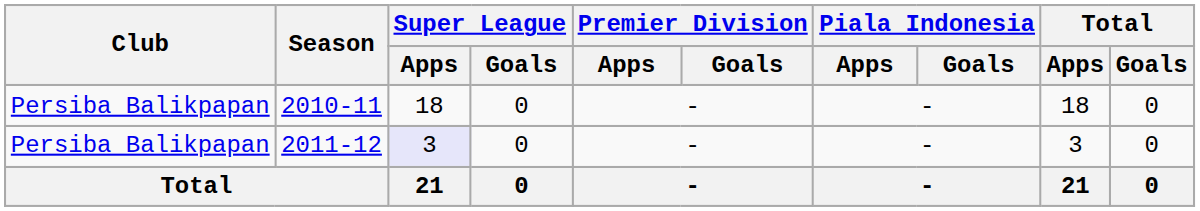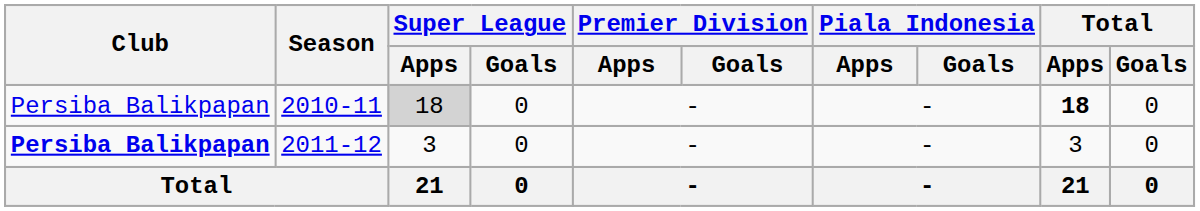 <table class="wikitable" style="font-size:90%; text-align:center;">
 <tr>
 <th rowspan="2">Club</th>
 <th rowspan="2">Season</th>
 <th colspan="2"><a href='#'>Super League</a></th>
 <th colspan="2"><a href='#'>Premier Division</a></th>
 <th colspan="2"><a href='#'>Piala Indonesia</a></th>
 <th colspan="2">Total</th>
 </tr>
 <tr>
 <th>Apps</th>
 <th>Goals</th>
 <th>Apps</th>
 <th>Goals</th>
 <th>Apps</th>
 <th>Goals</th>
 <th>Apps</th>
 <th>Goals</th>
 </tr>
 <tr>
 <td rowspan="1"><a href='#'>Persiba Balikpapan</a></td>
 <td><a href='#'>2010-11</a></td>
-<td>18</td>
+<td style="background: lightgrey;">18</td>
 <td>0</td>
 <td colspan="2">-</td>
 <td colspan="2">-</td>
-<td>18</td>
+<td><strong>18</strong></td>
 <td>0</td>
 </tr>
 <tr>
-<td rowspan="1"><a href='#'>Persiba Balikpapan</a></td>
+<td rowspan="1"><strong><a href='#'>Persiba Balikpapan</a></strong></td>
 <td><a href='#'>2011-12</a></td>
-<td style="background: lavender;">3</td>
+<td>3</td>
 <td>0</td>
 <td colspan="2">-</td>
 <td colspan="2">-</td>
 <td>3</td>
 <td>0</td>
 </tr>
 <tr>
 <th colspan="2">Total</th>
 <th>21</th>
 <th>0</th>
 <th colspan="2">-</th>
 <th colspan="2">-</th>
 <th>21</th>
 <th>0</th>
 </tr>
 </table>
